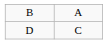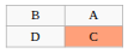 <table class="wikitable" style="margin:0.5em 1em; width:9em; text-align:center;" cellpadding=5>
 <tr>
 <td width="50%">B</td>
 <td width="50%">A</td>
 </tr>
 <tr>
 <td width="50%">D</td>
-<td width="50%">C</td>
+<td width="50%" style="background: lightsalmon;">C</td>
 </tr>
 </table>
